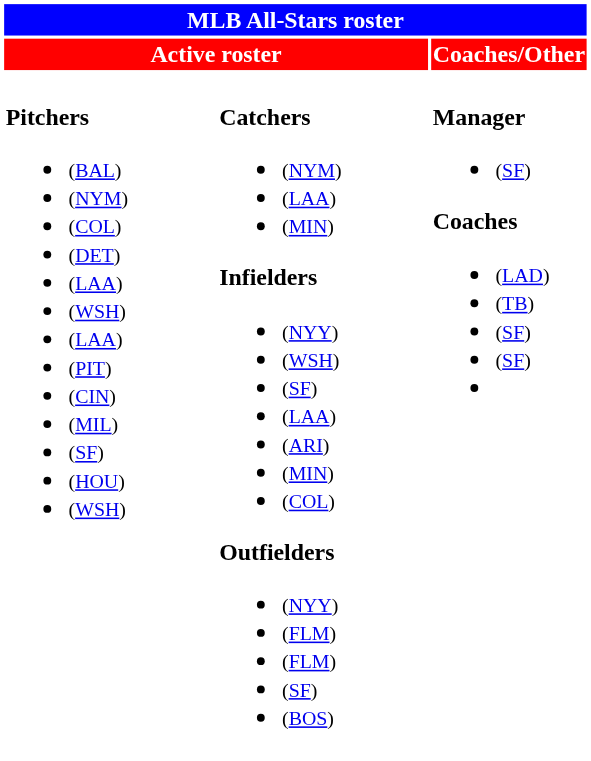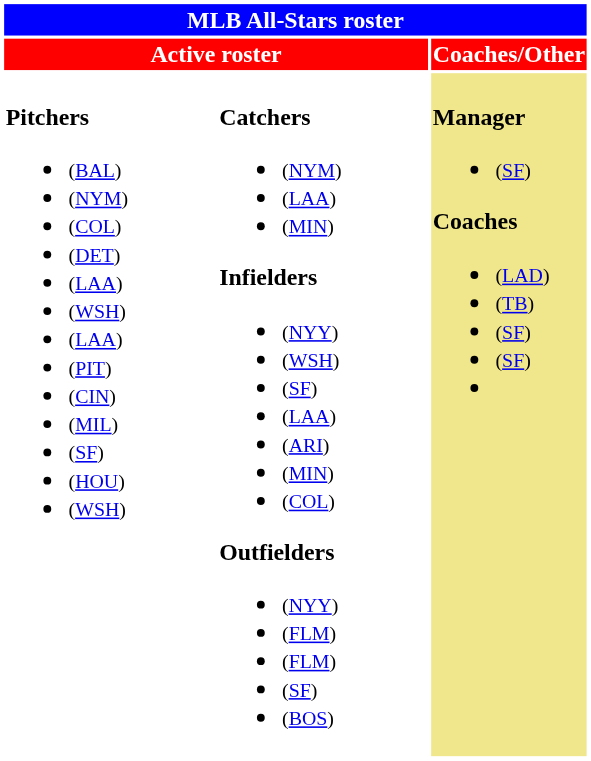 <table class="toccolours" style="font-size: 95%;">
 <tr>
 <th colspan="10" style="background-color: #0000FF; color: #FFFFFF; text-align: center;">MLB All-Stars roster</th>
 </tr>
 <tr>
 <td colspan="4" style="background-color: #FF0000; color: #FFFFFF; text-align: center;"><strong>Active roster</strong></td>
 <td colspan="1" style="background-color: #FF0000; color: #FFFFFF; text-align: center;"><strong>Coaches/Other</strong></td>
 </tr>
 <tr>
 <td style="vertical-align:top;"><br><strong>Pitchers</strong><br><ul><li> <small>(<a href='#'>BAL</a>)</small></li><li> <small>(<a href='#'>NYM</a>)</small></li><li> <small>(<a href='#'>COL</a>)</small></li><li> <small>(<a href='#'>DET</a>)</small></li><li> <small>(<a href='#'>LAA</a>)</small></li><li> <small>(<a href='#'>WSH</a>)</small></li><li> <small>(<a href='#'>LAA</a>)</small></li><li> <small>(<a href='#'>PIT</a>)</small></li><li> <small>(<a href='#'>CIN</a>)</small></li><li> <small>(<a href='#'>MIL</a>)</small></li><li> <small>(<a href='#'>SF</a>)</small></li><li> <small>(<a href='#'>HOU</a>)</small></li><li> <small>(<a href='#'>WSH</a>)</small></li></ul></td>
 <td width="50px"> </td>
 <td style="vertical-align:top;"><br><strong>Catchers</strong><br><ul><li> <small>(<a href='#'>NYM</a>)</small></li><li> <small>(<a href='#'>LAA</a>)</small></li><li> <small>(<a href='#'>MIN</a>)</small></li></ul><strong>Infielders</strong><br><ul><li> <small>(<a href='#'>NYY</a>)</small></li><li> <small>(<a href='#'>WSH</a>)</small></li><li> <small>(<a href='#'>SF</a>)</small></li><li> <small>(<a href='#'>LAA</a>)</small></li><li> <small>(<a href='#'>ARI</a>)</small></li><li> <small>(<a href='#'>MIN</a>)</small></li><li> <small>(<a href='#'>COL</a>)</small></li></ul><strong>Outfielders</strong><br><ul><li> <small>(<a href='#'>NYY</a>)</small></li><li> <small>(<a href='#'>FLM</a>)</small></li><li> <small>(<a href='#'>FLM</a>)</small></li><li> <small>(<a href='#'>SF</a>)</small></li><li> <small>(<a href='#'>BOS</a>)</small></li></ul></td>
 <td width="50"> </td>
-<td style="vertical-align:top;"><br><strong>Manager</strong><br><ul><li> <small>(<a href='#'>SF</a>)</small></li></ul><strong>Coaches</strong><br><ul><li> <small>(<a href='#'>LAD</a>)</small></li><li> <small>(<a href='#'>TB</a>)</small></li><li> <small>(<a href='#'>SF</a>)</small></li><li> <small>(<a href='#'>SF</a>)</small></li><li></li></ul></td>
+<td style="background: khaki; vertical-align:top;"><br><strong>Manager</strong><br><ul><li> <small>(<a href='#'>SF</a>)</small></li></ul><strong>Coaches</strong><br><ul><li> <small>(<a href='#'>LAD</a>)</small></li><li> <small>(<a href='#'>TB</a>)</small></li><li> <small>(<a href='#'>SF</a>)</small></li><li> <small>(<a href='#'>SF</a>)</small></li><li></li></ul></td>
 </tr>
 </table>
